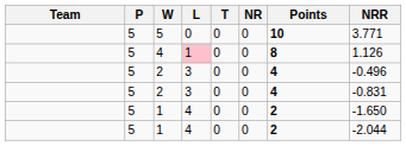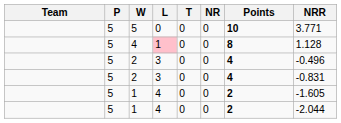 <table class="wikitable">
 <tr>
 <th width=150>Team</th>
 <th style="width:30px;" abbr="Played">P</th>
 <th style="width:30px;" abbr="Won">W</th>
 <th style="width:30px;" abbr="Lost">L</th>
 <th style="width:30px;" abbr="Tied">T</th>
 <th style="width:30px;" abbr="No result">NR</th>
 <th style="width:100px;" abbr="Points">Points</th>
 <th style="width:60px;" abbr="Net run rate">NRR</th>
 </tr>
 <tr>
 <td style="text-align:left;"></td>
 <td>5</td>
 <td>5</td>
 <td>0</td>
 <td>0</td>
 <td>0</td>
 <td><strong>10</strong></td>
 <td>3.771</td>
 </tr>
 <tr>
 <td style="text-align:left;"></td>
 <td>5</td>
 <td>4</td>
 <td style="background: pink;">1</td>
 <td>0</td>
 <td>0</td>
 <td><strong>8</strong></td>
-<td>1.126</td>
+<td>1.128</td>
 </tr>
 <tr>
 <td style="text-align:left;"></td>
 <td>5</td>
 <td>2</td>
 <td>3</td>
 <td>0</td>
 <td>0</td>
 <td><strong>4</strong></td>
 <td>-0.496</td>
 </tr>
 <tr>
 <td style="text-align:left;"></td>
 <td>5</td>
 <td>2</td>
 <td>3</td>
 <td>0</td>
 <td>0</td>
 <td><strong>4</strong></td>
 <td>-0.831</td>
 </tr>
 <tr>
 <td style="text-align:left;"></td>
 <td>5</td>
 <td>1</td>
 <td>4</td>
 <td>0</td>
 <td>0</td>
 <td><strong>2</strong></td>
-<td>-1.650</td>
+<td>-1.605</td>
 </tr>
 <tr>
 <td style="text-align:left;"></td>
 <td>5</td>
 <td>1</td>
 <td>4</td>
 <td>0</td>
 <td>0</td>
 <td><strong>2</strong></td>
 <td>-2.044</td>
 </tr>
 </table>
